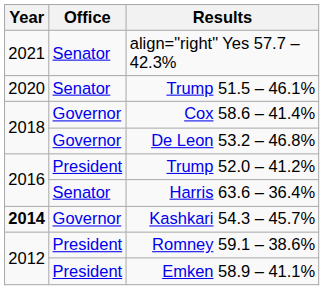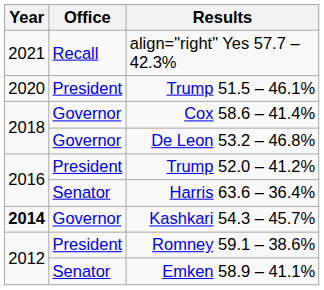 <table class=wikitable>
 <tr>
 <th width="30">Year</th>
 <th width="60">Office</th>
 <th width="180">Results</th>
 </tr>
 <tr>
 <td>2021</td>
-<td><a href='#'>Senator</a></td>
+<td><a href='#'>Recall</a></td>
 <td>align="right"  Yes 57.7 – 42.3%</td>
 </tr>
 <tr>
 <td rowspan="1">2020</td>
-<td><a href='#'>Senator</a></td>
+<td><a href='#'>President</a></td>
 <td align="right" ><a href='#'>Trump</a> 51.5 – 46.1%</td>
 </tr>
 <tr>
 <td rowspan="2">2018</td>
 <td><a href='#'>Governor</a></td>
 <td align="right" ><a href='#'>Cox</a> 58.6 – 41.4%</td>
 </tr>
 <tr>
 <td><a href='#'>Governor</a></td>
 <td align="right" ><a href='#'>De Leon</a> 53.2 – 46.8%</td>
 </tr>
 <tr>
 <td rowspan="2">2016</td>
 <td><a href='#'>President</a></td>
 <td align="right" ><a href='#'>Trump</a> 52.0 – 41.2%</td>
 </tr>
 <tr>
 <td><a href='#'>Senator</a></td>
 <td align="right" ><a href='#'>Harris</a> 63.6 – 36.4%</td>
 </tr>
 <tr>
 <td><strong>2014</strong></td>
 <td><a href='#'>Governor</a></td>
 <td align="right" ><a href='#'>Kashkari</a> 54.3 – 45.7%</td>
 </tr>
 <tr>
 <td rowspan="2">2012</td>
 <td><a href='#'>President</a></td>
 <td align="right" ><a href='#'>Romney</a> 59.1 – 38.6%</td>
 </tr>
 <tr>
-<td><a href='#'>President</a></td>
+<td><a href='#'>Senator</a></td>
 <td align="right" ><a href='#'>Emken</a> 58.9 – 41.1%</td>
 </tr>
 </table>
